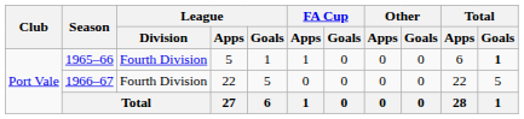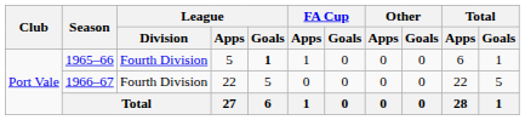 <table class="wikitable" style="text-align:center">
 <tr>
 <th rowspan="2">Club</th>
 <th rowspan="2">Season</th>
 <th colspan="3">League</th>
 <th colspan="2"><a href='#'>FA Cup</a></th>
 <th colspan="2">Other</th>
 <th colspan="2">Total</th>
 </tr>
 <tr>
 <th>Division</th>
 <th>Apps</th>
 <th>Goals</th>
 <th>Apps</th>
 <th>Goals</th>
 <th>Apps</th>
 <th>Goals</th>
 <th>Apps</th>
 <th>Goals</th>
 </tr>
 <tr>
 <td rowspan="3"><a href='#'>Port Vale</a></td>
 <td><a href='#'>1965–66</a></td>
 <td><a href='#'>Fourth Division</a></td>
 <td>5</td>
-<td>1</td>
+<td><strong>1</strong></td>
 <td>1</td>
 <td>0</td>
 <td>0</td>
 <td>0</td>
 <td>6</td>
-<td><strong>1</strong></td>
+<td>1</td>
 </tr>
 <tr>
 <td><a href='#'>1966–67</a></td>
 <td>Fourth Division</td>
 <td>22</td>
 <td>5</td>
 <td>0</td>
 <td>0</td>
 <td>0</td>
 <td>0</td>
 <td>22</td>
 <td>5</td>
 </tr>
 <tr>
 <th colspan="2">Total</th>
 <th>27</th>
 <th>6</th>
 <th>1</th>
 <th>0</th>
 <th>0</th>
 <th>0</th>
 <th>28</th>
 <th>1</th>
 </tr>
 </table>
